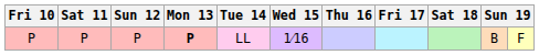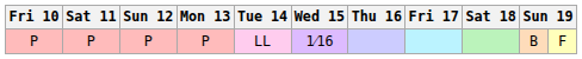 <table class="wikitable" style="margin:0.5em auto; font-size:90%; line-height:1.25em; text-align:center">
 <tr>
 <th>Fri 10</th>
 <th>Sat 11</th>
 <th>Sun 12</th>
 <th>Mon 13</th>
 <th>Tue 14</th>
 <th>Wed 15</th>
 <th>Thu 16</th>
 <th>Fri 17</th>
 <th>Sat 18</th>
 <th colspan=2>Sun 19</th>
 </tr>
 <tr>
 <td bgcolor="#FFBBBB">P</td>
 <td bgcolor="#FFBBBB">P</td>
 <td bgcolor="#FFBBBB">P</td>
-<td bgcolor="#FFBBBB"><strong>P</strong></td>
+<td bgcolor="#FFBBBB">P</td>
 <td bgcolor="#FFCCEE">LL</td>
 <td bgcolor="#DDBBFF">1⁄16</td>
 <td bgcolor="#CCCCFF"></td>
 <td bgcolor="#BBF3FF"></td>
 <td bgcolor="#BBF3BB"></td>
 <td bgcolor="#FEDCBA">B</td>
 <td bgcolor="#FFFFBB">F</td>
 </tr>
 </table>
